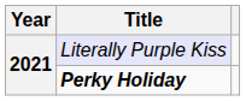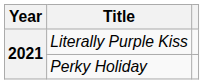 <table class="wikitable plainrowheaders">
 <tr>
 <th scope="col">Year</th>
 <th scope="col">Title</th>
 <th scope="col"></th>
 </tr>
 <tr>
 <th scope="row" rowspan="2">2021</th>
-<td style="background: lavender;"><em>Literally Purple Kiss</em></td>
+<td><em>Literally Purple Kiss</em></td>
 <td style="text-align:center"></td>
 </tr>
 <tr>
-<td><strong><em>Perky Holiday</em></strong></td>
+<td><em>Perky Holiday</em></td>
 <td style="text-align:center"></td>
 </tr>
 </table>
